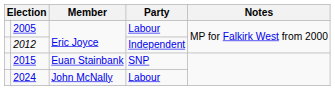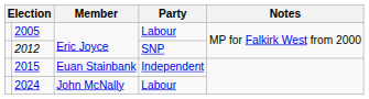 <table class="wikitable">
 <tr>
 <th colspan="2">Election</th>
 <th>Member</th>
 <th>Party</th>
 <th>Notes</th>
 </tr>
 <tr>
 <td style="color:inherit;background-color: "></td>
 <td><a href='#'>2005</a></td>
 <td rowspan="2" style="border-bottom:1px grey;" valign="middle"><br><a href='#'>Eric Joyce</a></td>
 <td><a href='#'>Labour</a></td>
 <td rowspan="2">MP for <a href='#'>Falkirk West</a> from 2000</td>
 </tr>
 <tr>
 <td style="color:inherit;background-color: "></td>
 <td><em>2012</em></td>
-<td><a href='#'>Independent</a></td>
+<td><a href='#'>SNP</a></td>
 </tr>
 <tr>
 <td style="color:inherit;background-color: "></td>
 <td><a href='#'>2015</a></td>
 <td><a href='#'>Euan Stainbank</a></td>
-<td><a href='#'>SNP</a></td>
+<td><a href='#'>Independent</a></td>
 </tr>
 <tr>
 <td style="color:inherit;background-color: "></td>
 <td><a href='#'>2024</a></td>
 <td><a href='#'>John McNally</a></td>
 <td><a href='#'>Labour</a></td>
 </tr>
 </table>
